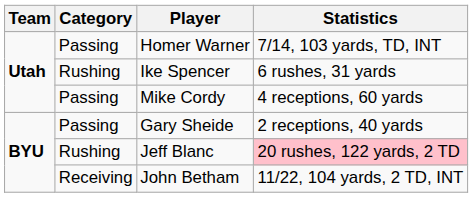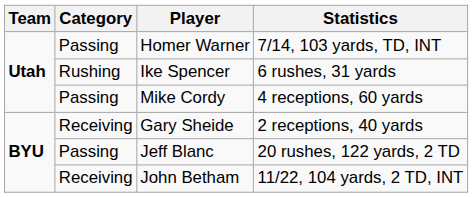 <table class="wikitable" style="float: left;">
 <tr>
 <th>Team</th>
 <th>Category</th>
 <th>Player</th>
 <th>Statistics</th>
 </tr>
 <tr>
 <td rowspan=3><strong>Utah</strong></td>
 <td>Passing</td>
 <td>Homer Warner</td>
 <td>7/14, 103 yards, TD, INT</td>
 </tr>
 <tr>
 <td>Rushing</td>
 <td>Ike Spencer</td>
 <td>6 rushes, 31 yards</td>
 </tr>
 <tr>
 <td>Passing</td>
 <td>Mike Cordy</td>
 <td>4 receptions, 60 yards</td>
 </tr>
 <tr>
 <td rowspan=3><strong>BYU</strong></td>
-<td>Passing</td>
+<td>Receiving</td>
 <td>Gary Sheide</td>
 <td>2 receptions, 40 yards</td>
 </tr>
 <tr>
-<td>Rushing</td>
+<td>Passing</td>
 <td>Jeff Blanc</td>
-<td style="background: pink;">20 rushes, 122 yards, 2 TD</td>
+<td>20 rushes, 122 yards, 2 TD</td>
 </tr>
 <tr>
 <td>Receiving</td>
 <td>John Betham</td>
 <td>11/22, 104 yards, 2 TD, INT</td>
 </tr>
 </table>
